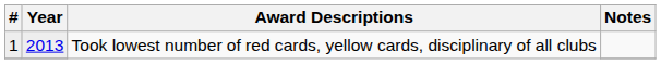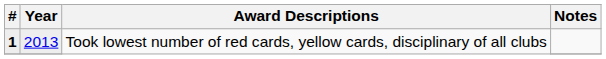 <table class="wikitable">
 <tr>
 <th>#</th>
 <th>Year</th>
 <th>Award Descriptions</th>
 <th>Notes</th>
 </tr>
 <tr>
-<td style="background:#eeeeee">1</td>
+<td style="background:#eeeeee"><strong>1</strong></td>
 <td style="background:#eeeeee"><a href='#'>2013</a></td>
 <td rowspan="2">Took lowest number of red cards, yellow cards, disciplinary of all clubs</td>
 <td></td>
 </tr>
 <tr>
 </tr>
 </table>
